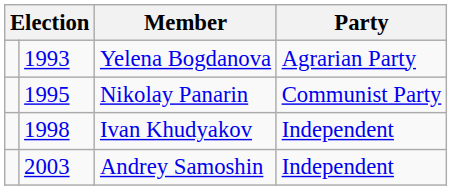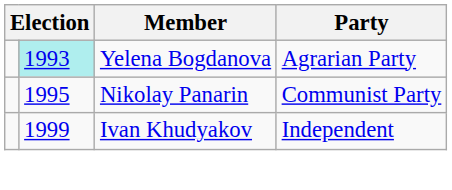 <table class="wikitable">
 <tr>
 <th colspan="2">Election</th>
 <th>Member</th>
 <th>Party</th>
 </tr>
 <tr>
 <td style="background-color:"></td>
-<td><a href='#'>1993</a></td>
+<td style="background: paleturquoise;"><a href='#'>1993</a></td>
 <td><a href='#'>Yelena Bogdanova</a></td>
 <td><a href='#'>Agrarian Party</a></td>
 </tr>
 <tr>
 <td style="background-color:"></td>
 <td><a href='#'>1995</a></td>
 <td><a href='#'>Nikolay Panarin</a></td>
 <td><a href='#'>Communist Party</a></td>
 </tr>
 <tr>
 <td style="background-color:"></td>
-<td><a href='#'>1998</a></td>
+<td><a href='#'>1999</a></td>
 <td><a href='#'>Ivan Khudyakov</a></td>
 <td><a href='#'>Independent</a></td>
 </tr>
-<tr>
-<td style="background-color:"></td>
-<td><a href='#'>2003</a></td>
-<td><a href='#'>Andrey Samoshin</a></td>
-<td><a href='#'>Independent</a></td>
-</tr>
 </table>
